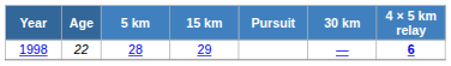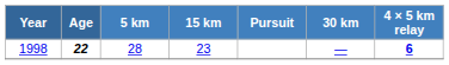 <table class="wikitable" style="font-size:95%; text-align:center; border:grey solid 1px; border-collapse:collapse; background:#ffffff;">
 <tr>
 <th style="background-color:#369; color:white; width:60px;"> Year </th>
 <th style="background-color:#369; color:white; width:40px;"> Age </th>
 <th style="background-color:#4180be; color:white; width:75px;"> 5 km </th>
 <th style="background-color:#4180be; color:white; width:75px;"> 15 km </th>
 <th style="background-color:#4180be; color:white; width:75px;"> Pursuit </th>
 <th style="background-color:#4180be; color:white; width:75px;"> 30 km </th>
 <th style="background-color:#4180be; color:white; width:75px;"> 4 × 5 km <br> relay </th>
 </tr>
 <tr>
 <td><a href='#'>1998</a></td>
-<td><em>22</em></td>
+<td><strong><em>22</em></strong></td>
 <td><a href='#'>28</a></td>
-<td><a href='#'>29</a></td>
+<td><a href='#'>23</a></td>
 <td><a href='#'></a></td>
 <td><a href='#'>—</a></td>
 <td><strong><a href='#'>6</a></strong></td>
 </tr>
 <tr>
 </tr>
 </table>
